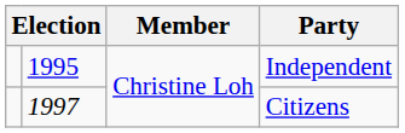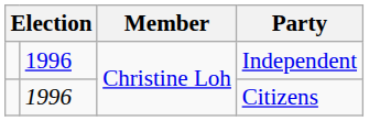 <table class="wikitable">
 <tr>
 <th colspan="2">Election</th>
 <th>Member</th>
 <th>Party</th>
 </tr>
 <tr>
 <td style="background-color: "></td>
-<td><a href='#'>1995</a></td>
+<td><a href='#'>1996</a></td>
 <td rowspan="2"><a href='#'>Christine Loh</a></td>
 <td><a href='#'>Independent</a></td>
 </tr>
 <tr>
 <td style="background-color: "></td>
-<td><em>1997</em></td>
+<td><em>1996</em></td>
 <td><a href='#'>Citizens</a></td>
 </tr>
 </table>
